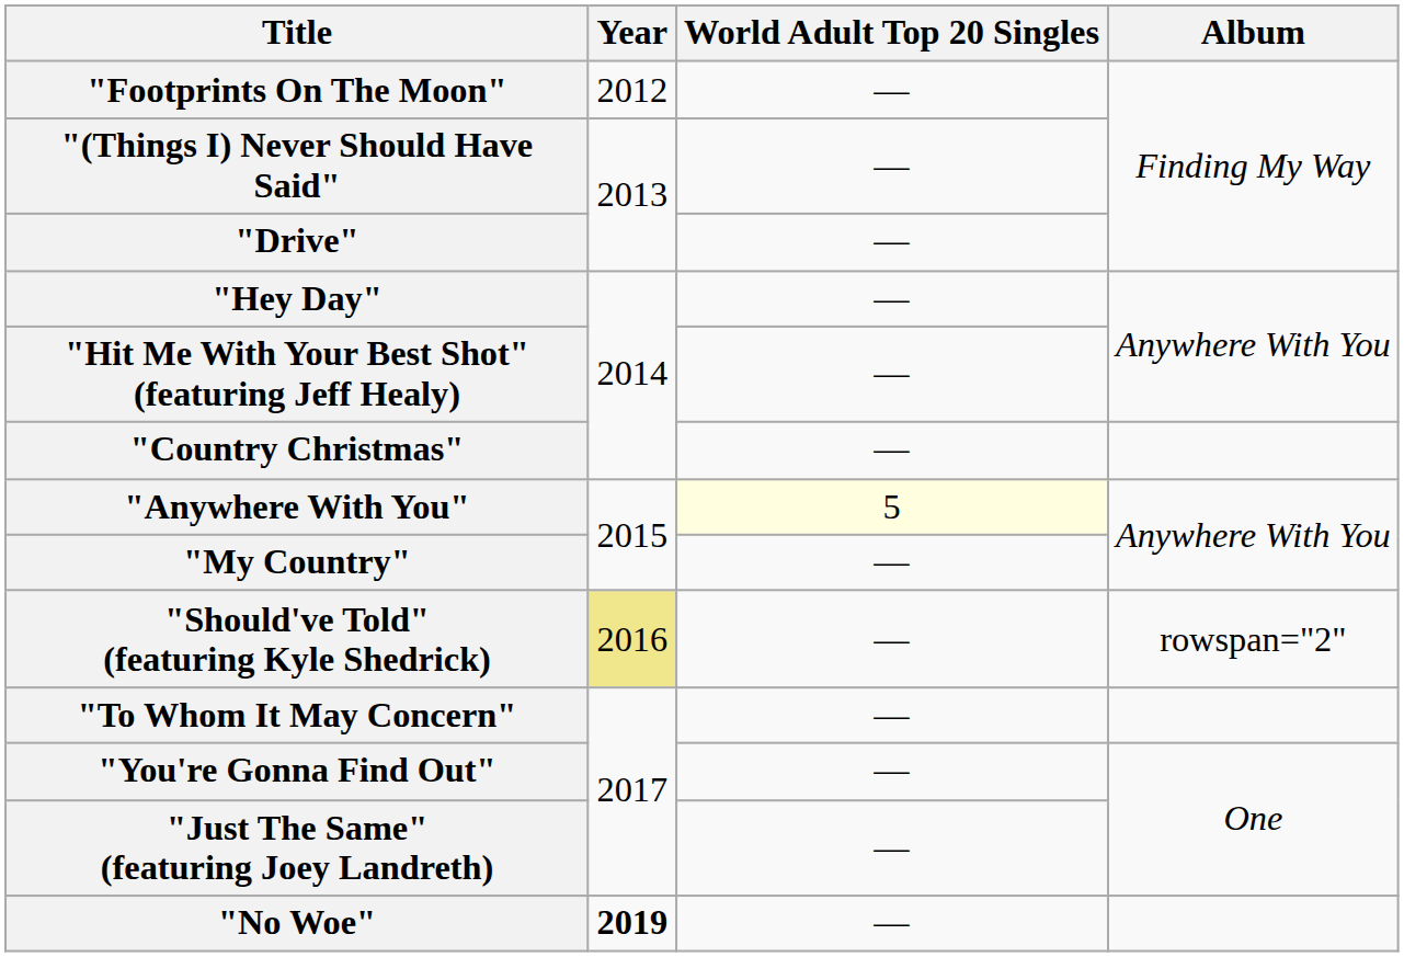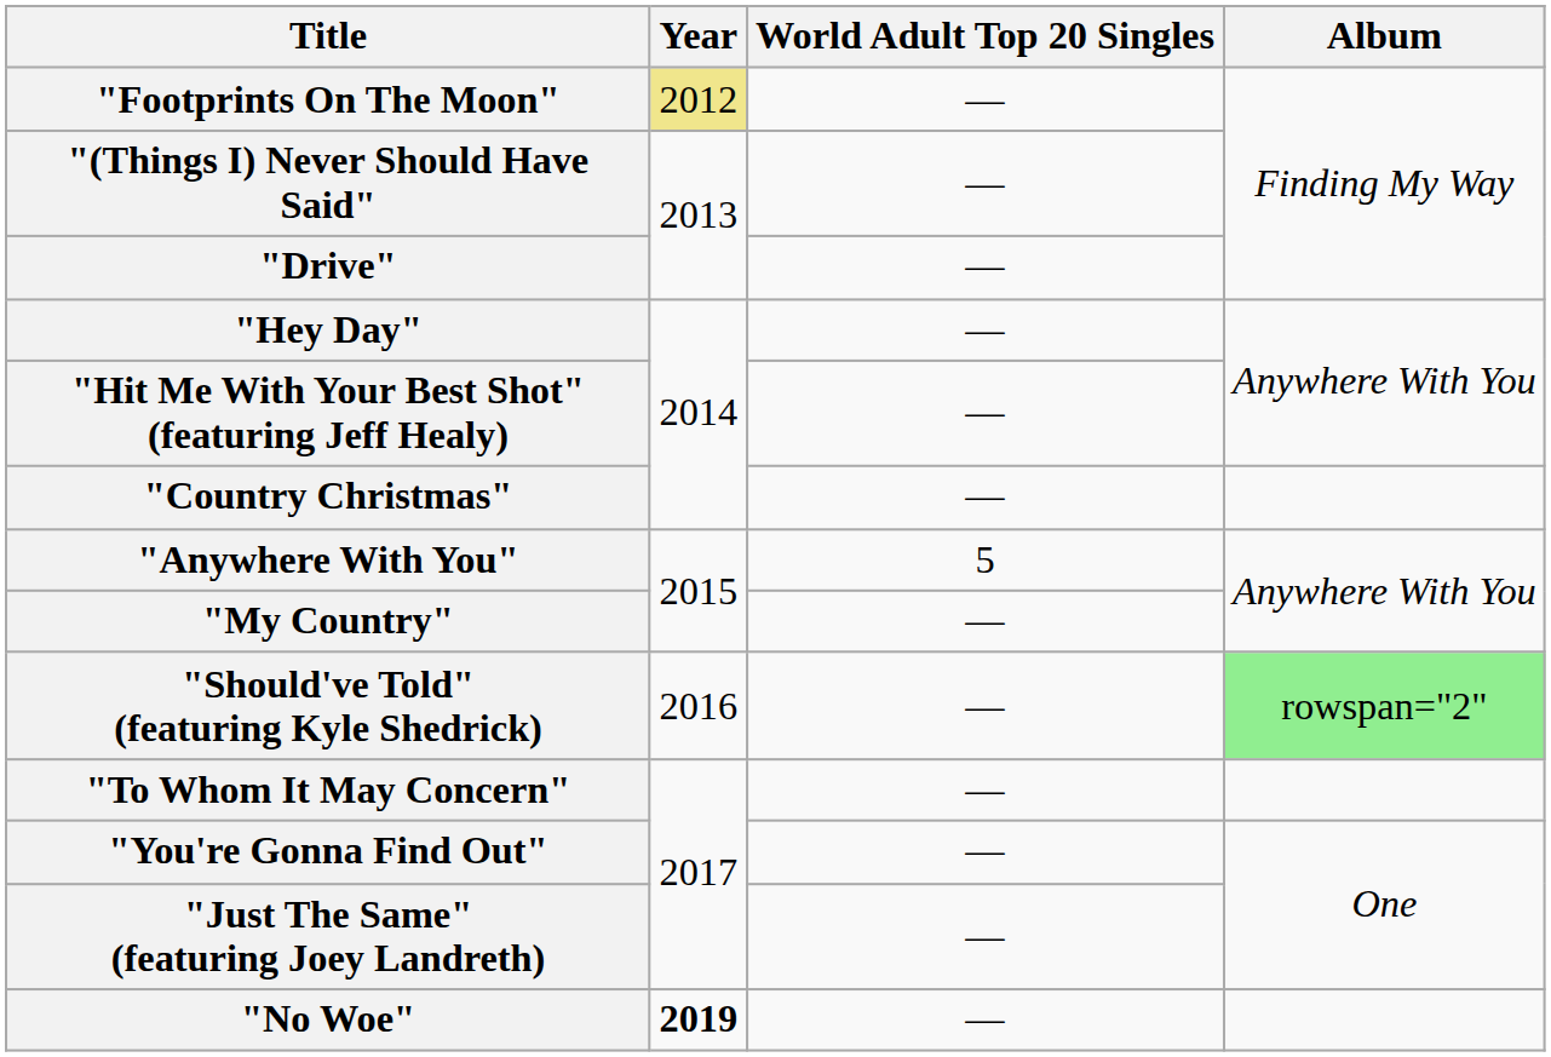 <table class="wikitable plainrowheaders" style="text-align:center">
 <tr>
 <th scope="col" style="width:16em;">Title</th>
 <th scope="col">Year</th>
 <th scope="col" colspan="1">World Adult Top 20 Singles<br></th>
 <th scope="col">Album</th>
 </tr>
 <tr>
 <th scope="row">"Footprints On The Moon"</th>
-<td>2012</td>
+<td style="background: khaki;">2012</td>
 <td>—</td>
 <td rowspan="3"><em>Finding My Way</em></td>
 </tr>
 <tr>
 <th scope="row">"(Things I) Never Should Have Said"</th>
 <td rowspan="2">2013</td>
 <td>—</td>
 </tr>
 <tr>
 <th scope="row">"Drive"</th>
 <td>—</td>
 </tr>
 <tr>
 <th scope="row">"Hey Day"</th>
 <td rowspan="3">2014</td>
 <td>—</td>
 <td rowspan="2"><em>Anywhere With You</em></td>
 </tr>
 <tr>
 <th scope="row">"Hit Me With Your Best Shot"<br><span>(featuring Jeff Healy)</span></th>
 <td>—</td>
 </tr>
 <tr>
 <th scope="row">"Country Christmas"</th>
 <td>—</td>
 <td></td>
 </tr>
 <tr>
 <th scope="row">"Anywhere With You"</th>
 <td rowspan="2">2015</td>
-<td style="background: lightyellow;">5</td>
+<td>5</td>
 <td rowspan="2"><em>Anywhere With You</em></td>
 </tr>
 <tr>
 <th scope="row">"My Country"</th>
 <td>—</td>
 </tr>
 <tr>
 <th scope="row">"Should've Told"<br><span>(featuring Kyle Shedrick)</span></th>
-<td style="background: khaki;">2016</td>
+<td>2016</td>
 <td>—</td>
-<td>rowspan="2" </td>
+<td style="background: lightgreen;">rowspan="2" </td>
 </tr>
 <tr>
 <th scope="row">"To Whom It May Concern"</th>
 <td rowspan="3">2017</td>
 <td>—</td>
 </tr>
 <tr>
 <th scope="row">"You're Gonna Find Out"</th>
 <td>—</td>
 <td rowspan="2"><em>One</em></td>
 </tr>
 <tr>
 <th scope="row">"Just The Same"<br><span>(featuring Joey Landreth)</span></th>
 <td>—</td>
 </tr>
 <tr>
 <th scope="row">"No Woe"</th>
 <td><strong>2019</strong></td>
 <td>—</td>
 <td></td>
 </tr>
 </table>
